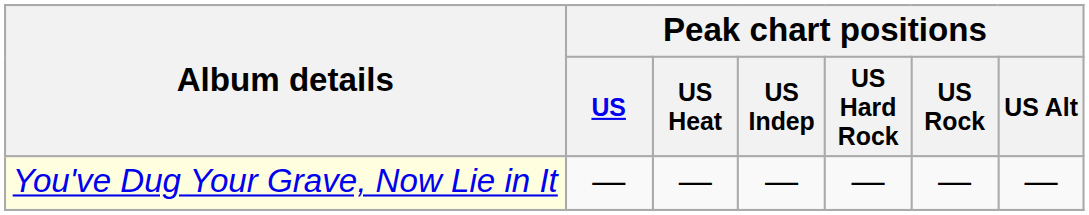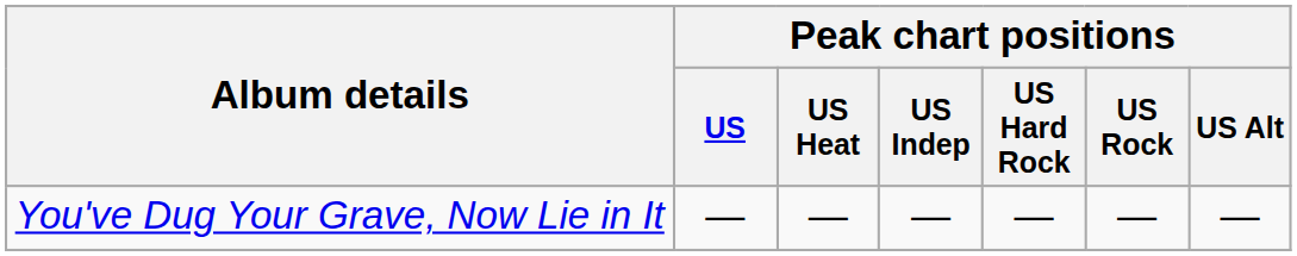 <table class="wikitable" style="text-align:center;">
 <tr>
 <th rowspan="2">Album details</th>
 <th colspan="19">Peak chart positions</th>
 </tr>
 <tr>
 <th style="width:3em;font-size:75%"><a href='#'>US</a></th>
 <th style="width:3em;font-size:75%">US Heat</th>
 <th style="width:3em;font-size:75%">US Indep</th>
 <th style="width:3em;font-size:75%">US Hard Rock</th>
 <th style="width:3em;font-size:75%">US Rock</th>
 <th style="width:3em;font-size:75%">US Alt</th>
 </tr>
 <tr>
-<td align=left style="background: lightyellow;"><em><a href='#'>You've Dug Your Grave, Now Lie in It</a></em><br></td>
+<td align=left><em><a href='#'>You've Dug Your Grave, Now Lie in It</a></em><br></td>
 <td>—</td>
 <td>—</td>
 <td>—</td>
 <td>—</td>
 <td>—</td>
 <td>—</td>
 </tr>
 </table>
